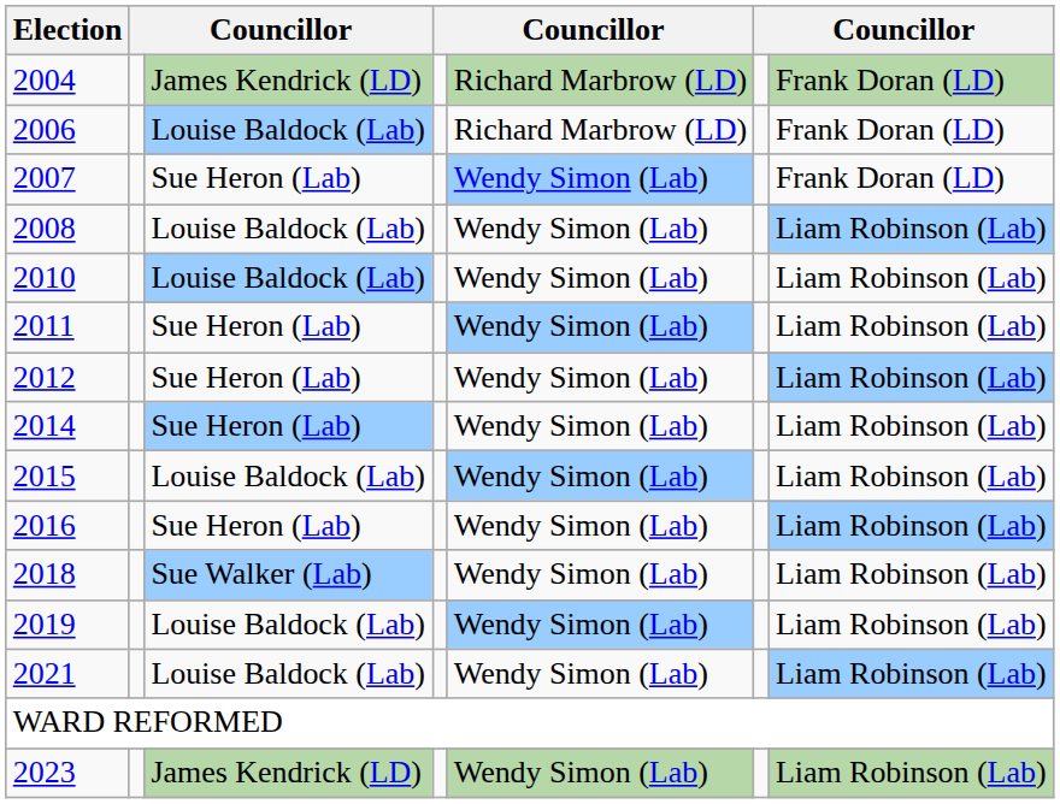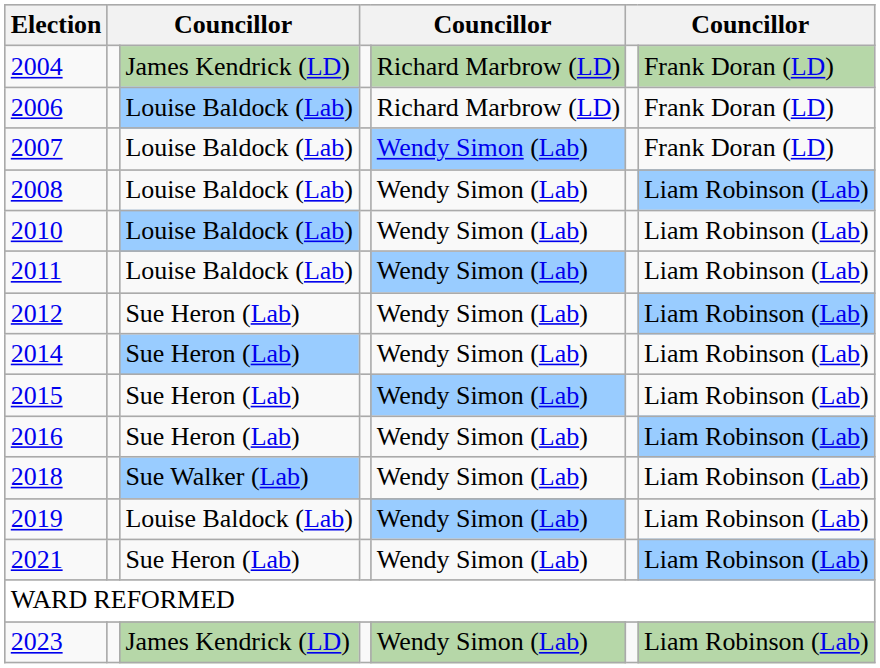 <table class="wikitable">
 <tr>
 <th>Election</th>
 <th colspan="2">Councillor</th>
 <th colspan="2">Councillor</th>
 <th colspan="2">Councillor</th>
 </tr>
 <tr>
 <td><a href='#'>2004</a></td>
 <td style="background-color: "></td>
 <td bgcolor="#B6D7A8">James Kendrick (<a href='#'>LD</a>)</td>
 <td style="background-color: "></td>
 <td bgcolor="#B6D7A8">Richard Marbrow (<a href='#'>LD</a>)</td>
 <td style="background-color: "></td>
 <td bgcolor="#B6D7A8">Frank Doran (<a href='#'>LD</a>)</td>
 </tr>
 <tr>
 <td><a href='#'>2006</a></td>
 <td style="background-color: "></td>
 <td bgcolor="#99CCFF">Louise Baldock (<a href='#'>Lab</a>)</td>
 <td style="background-color: "></td>
 <td>Richard Marbrow (<a href='#'>LD</a>)</td>
 <td style="background-color: "></td>
 <td>Frank Doran (<a href='#'>LD</a>)</td>
 </tr>
 <tr>
 <td><a href='#'>2007</a></td>
 <td style="background-color: "></td>
-<td>Sue Heron (<a href='#'>Lab</a>)</td>
+<td>Louise Baldock (<a href='#'>Lab</a>)</td>
 <td style="background-color: "></td>
 <td bgcolor="#99CCFF"><a href='#'>Wendy Simon</a> (<a href='#'>Lab</a>)</td>
 <td style="background-color: "></td>
 <td>Frank Doran (<a href='#'>LD</a>)</td>
 </tr>
 <tr>
 <td><a href='#'>2008</a></td>
 <td style="background-color: "></td>
 <td>Louise Baldock (<a href='#'>Lab</a>)</td>
 <td style="background-color: "></td>
 <td>Wendy Simon (<a href='#'>Lab</a>)</td>
 <td style="background-color: "></td>
 <td bgcolor="#99CCFF">Liam Robinson (<a href='#'>Lab</a>)</td>
 </tr>
 <tr>
 <td><a href='#'>2010</a></td>
 <td style="background-color: "></td>
 <td bgcolor="#99CCFF">Louise Baldock (<a href='#'>Lab</a>)</td>
 <td style="background-color: "></td>
 <td>Wendy Simon (<a href='#'>Lab</a>)</td>
 <td style="background-color: "></td>
 <td>Liam Robinson (<a href='#'>Lab</a>)</td>
 </tr>
 <tr>
 <td><a href='#'>2011</a></td>
 <td style="background-color: "></td>
-<td>Sue Heron (<a href='#'>Lab</a>)</td>
+<td>Louise Baldock (<a href='#'>Lab</a>)</td>
 <td style="background-color: "></td>
 <td bgcolor="#99CCFF">Wendy Simon (<a href='#'>Lab</a>)</td>
 <td style="background-color: "></td>
 <td>Liam Robinson (<a href='#'>Lab</a>)</td>
 </tr>
 <tr>
 <td><a href='#'>2012</a></td>
 <td style="background-color: "></td>
 <td>Sue Heron (<a href='#'>Lab</a>)</td>
 <td style="background-color: "></td>
 <td>Wendy Simon (<a href='#'>Lab</a>)</td>
 <td style="background-color: "></td>
 <td bgcolor="#99CCFF">Liam Robinson (<a href='#'>Lab</a>)</td>
 </tr>
 <tr>
 <td><a href='#'>2014</a></td>
 <td style="background-color: "></td>
 <td bgcolor="#99CCFF">Sue Heron (<a href='#'>Lab</a>)</td>
 <td style="background-color: "></td>
 <td>Wendy Simon (<a href='#'>Lab</a>)</td>
 <td style="background-color: "></td>
 <td>Liam Robinson (<a href='#'>Lab</a>)</td>
 </tr>
 <tr>
 <td><a href='#'>2015</a></td>
 <td style="background-color: "></td>
-<td>Louise Baldock (<a href='#'>Lab</a>)</td>
+<td>Sue Heron (<a href='#'>Lab</a>)</td>
 <td style="background-color: "></td>
 <td bgcolor="#99CCFF">Wendy Simon (<a href='#'>Lab</a>)</td>
 <td style="background-color: "></td>
 <td>Liam Robinson (<a href='#'>Lab</a>)</td>
 </tr>
 <tr>
 <td><a href='#'>2016</a></td>
 <td style="background-color: "></td>
 <td>Sue Heron (<a href='#'>Lab</a>)</td>
 <td style="background-color: "></td>
 <td>Wendy Simon (<a href='#'>Lab</a>)</td>
 <td style="background-color: "></td>
 <td bgcolor="#99CCFF">Liam Robinson (<a href='#'>Lab</a>)</td>
 </tr>
 <tr>
 <td><a href='#'>2018</a></td>
 <td style="background-color: "></td>
 <td bgcolor="#99CCFF">Sue Walker (<a href='#'>Lab</a>)</td>
 <td style="background-color: "></td>
 <td>Wendy Simon (<a href='#'>Lab</a>)</td>
 <td style="background-color: "></td>
 <td>Liam Robinson (<a href='#'>Lab</a>)</td>
 </tr>
 <tr>
 <td><a href='#'>2019</a></td>
 <td style="background-color: "></td>
 <td>Louise Baldock (<a href='#'>Lab</a>)</td>
 <td style="background-color: "></td>
 <td bgcolor="#99CCFF">Wendy Simon (<a href='#'>Lab</a>)</td>
 <td style="background-color: "></td>
 <td>Liam Robinson (<a href='#'>Lab</a>)</td>
 </tr>
 <tr>
 <td><a href='#'>2021</a></td>
 <td style="background-color: "></td>
-<td>Louise Baldock (<a href='#'>Lab</a>)</td>
+<td>Sue Heron (<a href='#'>Lab</a>)</td>
 <td style="background-color: "></td>
 <td>Wendy Simon (<a href='#'>Lab</a>)</td>
 <td style="background-color: "></td>
 <td bgcolor="#99CCFF">Liam Robinson (<a href='#'>Lab</a>)</td>
 </tr>
 <tr>
 <td colspan="8" bgcolor="#FFF"><div>WARD REFORMED</div></td>
 </tr>
 <tr>
 <td><a href='#'>2023</a></td>
 <td style="background-color: "></td>
 <td bgcolor="#B6D7A8">James Kendrick (<a href='#'>LD</a>)</td>
 <td style="background-color: "></td>
 <td bgcolor="#B6D7A8">Wendy Simon (<a href='#'>Lab</a>)</td>
 <td style="background-color: "></td>
 <td bgcolor="#B6D7A8">Liam Robinson (<a href='#'>Lab</a>)</td>
 </tr>
 </table>
